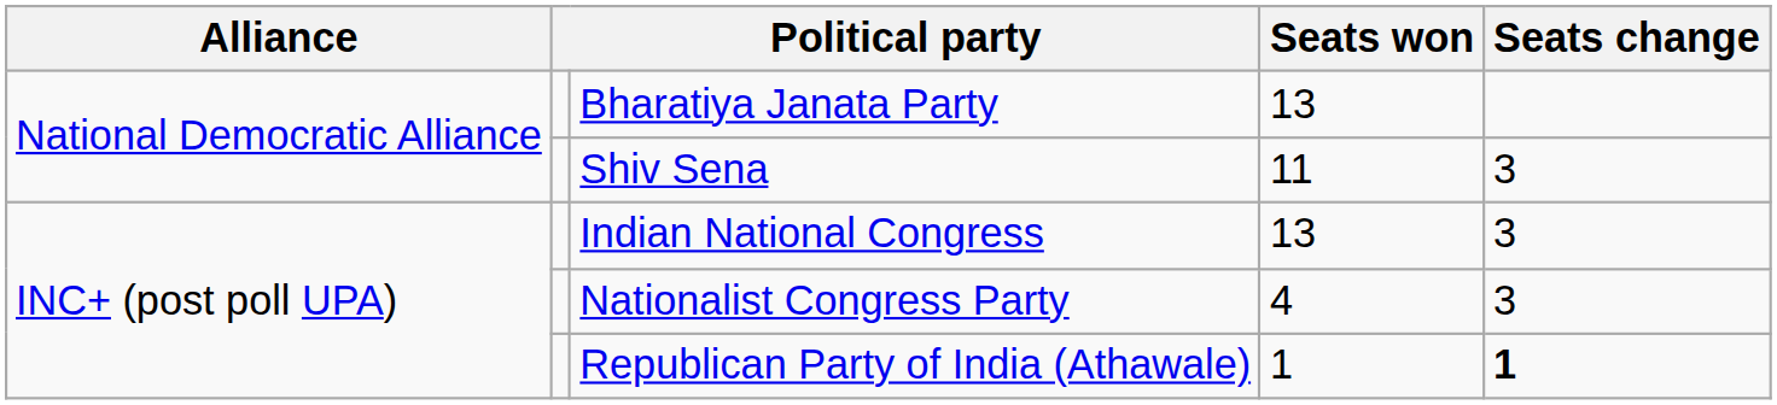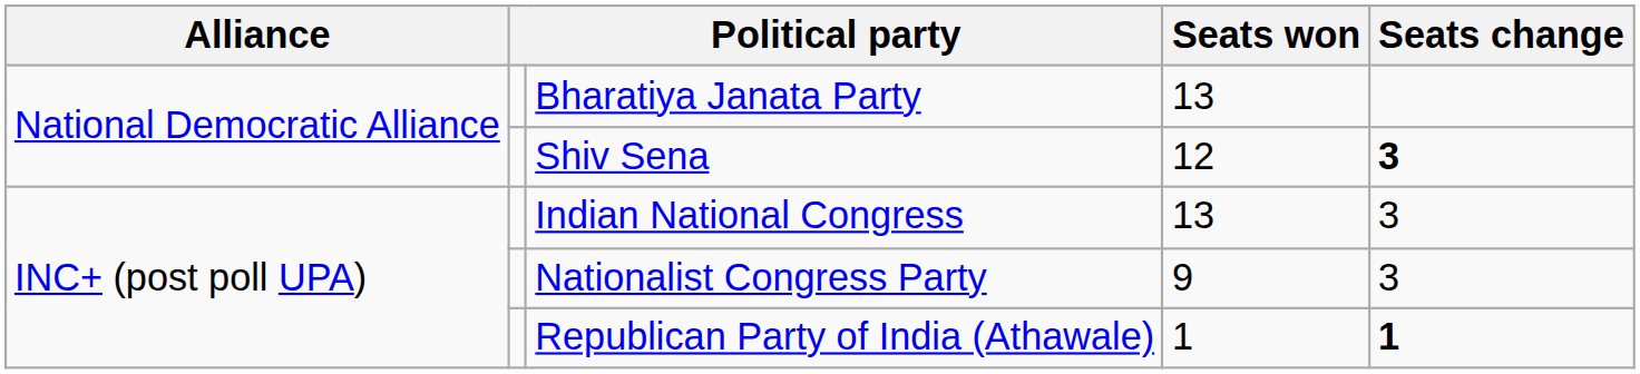 <table class="wikitable">
 <tr>
 <th>Alliance</th>
 <th colspan="2">Political party</th>
 <th>Seats won</th>
 <th>Seats change</th>
 </tr>
 <tr>
 <td rowspan="2"><a href='#'>National Democratic Alliance</a></td>
 <td style="background-color:"></td>
 <td><a href='#'>Bharatiya Janata Party</a></td>
 <td>13</td>
 <td></td>
 </tr>
 <tr>
 <td style="background-color: "></td>
 <td><a href='#'>Shiv Sena</a></td>
-<td>11</td>
-<td> 3</td>
+<td>12</td>
+<td><strong> 3</strong></td>
 </tr>
 <tr>
 <td rowspan="3"><a href='#'>INC+</a> (post poll <a href='#'>UPA</a>)</td>
 <td style="background-color: "></td>
 <td><a href='#'>Indian National Congress</a></td>
 <td>13</td>
 <td> 3</td>
 </tr>
 <tr>
 <td style="background-color: "></td>
 <td><a href='#'>Nationalist Congress Party</a></td>
-<td>4</td>
+<td>9</td>
 <td> 3</td>
 </tr>
 <tr>
 <td style="background-color: "></td>
 <td><a href='#'>Republican Party of India (Athawale)</a></td>
 <td>1</td>
 <td><strong> 1</strong></td>
 </tr>
 </table>
